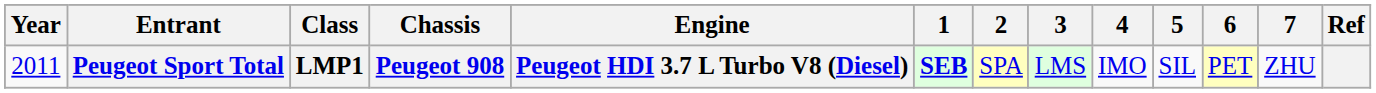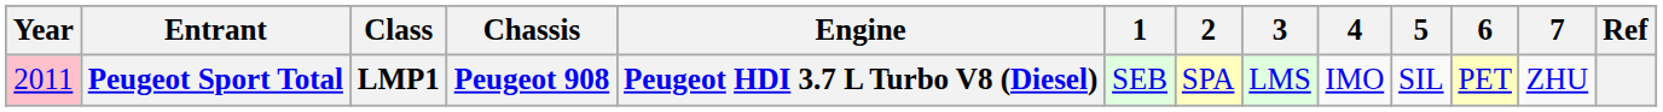 <table class="wikitable" style="text-align:center; font-size:85%">
 <tr>
 <th>Year</th>
 <th>Entrant</th>
 <th>Class</th>
 <th>Chassis</th>
 <th>Engine</th>
 <th>1</th>
 <th>2</th>
 <th>3</th>
 <th>4</th>
 <th>5</th>
 <th>6</th>
 <th>7</th>
 <th>Ref</th>
 </tr>
 <tr>
-<td><a href='#'>2011</a></td>
+<td style="background: pink;"><a href='#'>2011</a></td>
 <th nowrap><a href='#'>Peugeot Sport Total</a></th>
 <th>LMP1</th>
 <th nowrap><a href='#'>Peugeot 908</a></th>
 <th nowrap><a href='#'>Peugeot</a> <a href='#'>HDI</a> 3.7 L Turbo V8 (<a href='#'>Diesel</a>)</th>
-<td style="background:#DFFFDF;"><strong><a href='#'>SEB</a><br></strong></td>
+<td style="background:#DFFFDF;"><a href='#'>SEB</a><br></td>
 <td style="background:#FFFFBF;"><a href='#'>SPA</a><br></td>
 <td style="background:#DFFFDF;"><a href='#'>LMS</a><br></td>
 <td><a href='#'>IMO</a></td>
 <td><a href='#'>SIL</a></td>
 <td style="background:#FFFFBF;"><a href='#'>PET</a><br></td>
 <td><a href='#'>ZHU</a></td>
 <th></th>
 </tr>
 </table>
